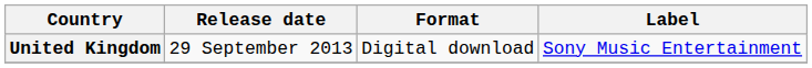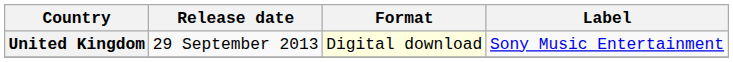 <table class="wikitable plainrowheaders">
 <tr>
 <th scope="col">Country</th>
 <th scope="col">Release date</th>
 <th scope="col">Format</th>
 <th scope="col">Label</th>
 </tr>
 <tr>
 <th scope="row">United Kingdom</th>
 <td>29 September 2013</td>
-<td>Digital download</td>
+<td style="background: lightyellow;">Digital download</td>
 <td><a href='#'>Sony Music Entertainment</a></td>
 </tr>
 <tr>
 </tr>
 </table>
